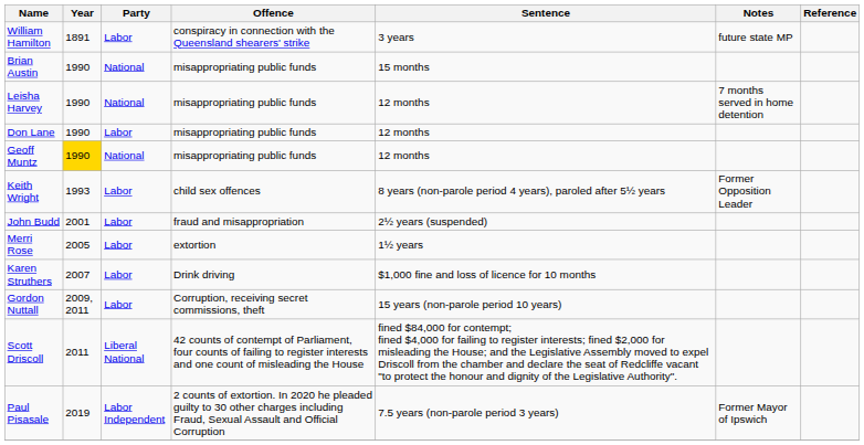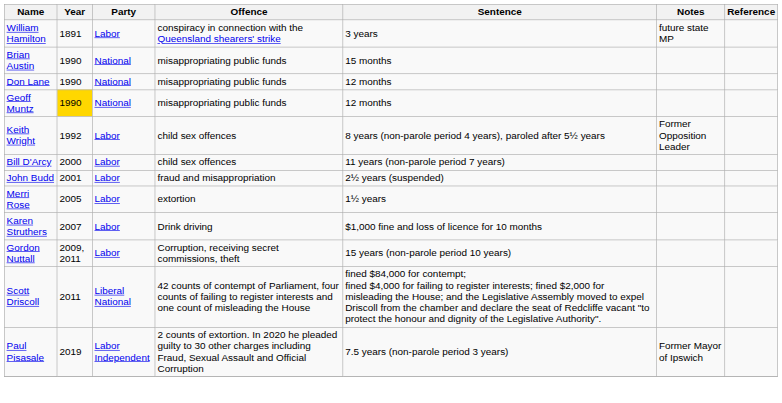 <table class="wikitable">
 <tr>
 <th>Name</th>
 <th>Year</th>
 <th>Party</th>
 <th>Offence</th>
 <th>Sentence</th>
 <th>Notes</th>
 <th>Reference</th>
 </tr>
 <tr>
 <td><a href='#'>William Hamilton</a></td>
 <td>1891</td>
 <td><a href='#'>Labor</a></td>
 <td>conspiracy in connection with the <a href='#'>Queensland shearers' strike</a></td>
 <td>3 years</td>
 <td>future state MP</td>
 <td></td>
 </tr>
 <tr>
 <td><a href='#'>Brian Austin</a></td>
 <td>1990</td>
 <td><a href='#'>National</a></td>
 <td>misappropriating public funds</td>
 <td>15 months</td>
 <td></td>
 <td></td>
 </tr>
 <tr>
-<td><a href='#'>Leisha Harvey</a></td>
+<td><a href='#'>Don Lane</a></td>
 <td>1990</td>
 <td><a href='#'>National</a></td>
-<td>misappropriating public funds</td>
-<td>12 months</td>
-<td>7 months served in home detention</td>
-<td></td>
-</tr>
-<tr>
-<td><a href='#'>Don Lane</a></td>
-<td>1990</td>
-<td><a href='#'>Labor</a></td>
 <td>misappropriating public funds</td>
 <td>12 months</td>
 <td></td>
 <td></td>
 </tr>
 <tr>
 <td><a href='#'>Geoff Muntz</a></td>
 <td style="background: gold;">1990</td>
 <td><a href='#'>National</a></td>
 <td>misappropriating public funds</td>
 <td>12 months</td>
 <td></td>
 <td></td>
 </tr>
 <tr>
 <td><a href='#'>Keith Wright</a></td>
-<td>1993</td>
+<td>1992</td>
 <td><a href='#'>Labor</a></td>
 <td>child sex offences</td>
 <td>8 years (non-parole period 4 years), paroled after 5½ years</td>
 <td>Former Opposition Leader</td>
+<td></td>
+</tr>
+<tr>
+<td><a href='#'>Bill D'Arcy</a></td>
+<td>2000</td>
+<td><a href='#'>Labor</a></td>
+<td>child sex offences</td>
+<td>11 years (non-parole period 7 years)</td>
+<td></td>
 <td></td>
 </tr>
 <tr>
 <td><a href='#'>John Budd</a></td>
 <td>2001</td>
 <td><a href='#'>Labor</a></td>
 <td>fraud and misappropriation</td>
 <td>2½ years (suspended)</td>
 <td></td>
 <td></td>
 </tr>
 <tr>
 <td><a href='#'>Merri Rose</a></td>
 <td>2005</td>
 <td><a href='#'>Labor</a></td>
 <td>extortion</td>
 <td>1½ years</td>
 <td></td>
 <td></td>
 </tr>
 <tr>
 <td><a href='#'>Karen Struthers</a></td>
 <td>2007</td>
 <td><a href='#'>Labor</a></td>
 <td>Drink driving</td>
 <td>$1,000 fine and loss of licence for 10 months</td>
 <td></td>
 <td></td>
 </tr>
 <tr>
 <td><a href='#'>Gordon Nuttall</a></td>
 <td>2009, 2011</td>
 <td><a href='#'>Labor</a></td>
 <td>Corruption, receiving secret commissions, theft</td>
 <td>15 years (non-parole period 10 years)</td>
 <td></td>
 <td></td>
 </tr>
 <tr>
 <td><a href='#'>Scott Driscoll</a></td>
 <td>2011</td>
 <td><a href='#'>Liberal National</a></td>
 <td>42 counts of contempt of Parliament, four counts of failing to register interests and one count of misleading the House</td>
 <td>fined $84,000 for contempt;<br>fined $4,000 for failing to register interests; fined $2,000 for misleading the House; and the Legislative Assembly moved to expel Driscoll from the chamber and declare the seat of Redcliffe vacant "to protect the honour and dignity of the Legislative Authority".</td>
 <td></td>
 <td></td>
 </tr>
 <tr>
 <td><a href='#'>Paul Pisasale</a></td>
 <td>2019</td>
 <td><a href='#'>Labor</a><br><a href='#'>Independent</a></td>
 <td>2 counts of extortion.  In 2020 he pleaded guilty to 30 other charges including Fraud, Sexual Assault and Official Corruption</td>
 <td>7.5 years (non-parole period 3 years)</td>
 <td>Former Mayor of Ipswich</td>
 <td></td>
 </tr>
 <tr>
 </tr>
 </table>
